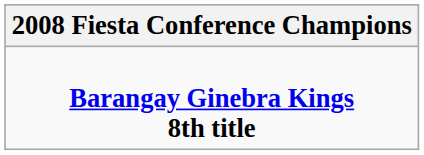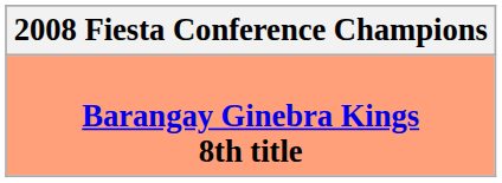 <table class=wikitable style="text-align:center; margin:auto">
 <tr>
 <th>2008 Fiesta Conference Champions</th>
 </tr>
 <tr>
-<td><br> <strong><a href='#'>Barangay Ginebra Kings</a></strong> <br> <strong>8th title</strong></td>
+<td style="background: lightsalmon;"><br> <strong><a href='#'>Barangay Ginebra Kings</a></strong> <br> <strong>8th title</strong></td>
 </tr>
 </table>
